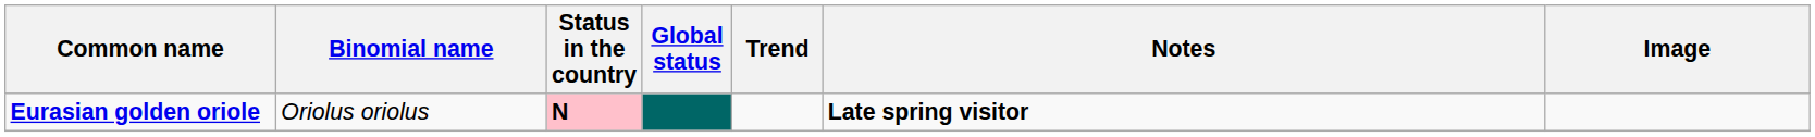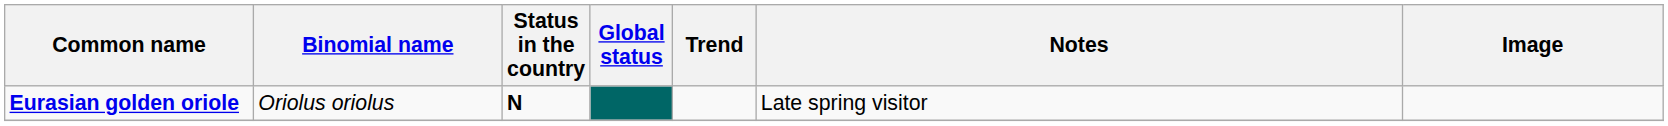 <table class="wikitable sortable">
 <tr>
 <th width="15%">Common name</th>
 <th width="15%"><a href='#'>Binomial name</a></th>
 <th data-sort-type="number" width="1%">Status in the country</th>
 <th width="5%"><a href='#'>Global status</a></th>
 <th width="5%">Trend</th>
 <th class="unsortable">Notes</th>
 <th class="unsortable">Image</th>
 </tr>
 <tr>
 <td><strong><a href='#'>Eurasian golden oriole</a></strong></td>
 <td><em>Oriolus oriolus</em></td>
-<td style="background: pink;"><strong>N</strong></td>
+<td><strong>N</strong></td>
 <td align=center style="background: #006666"></td>
 <td align=center></td>
-<td><strong>Late spring visitor</strong></td>
+<td>Late spring visitor</td>
 <td></td>
 </tr>
 <tr>
 </tr>
 </table>
